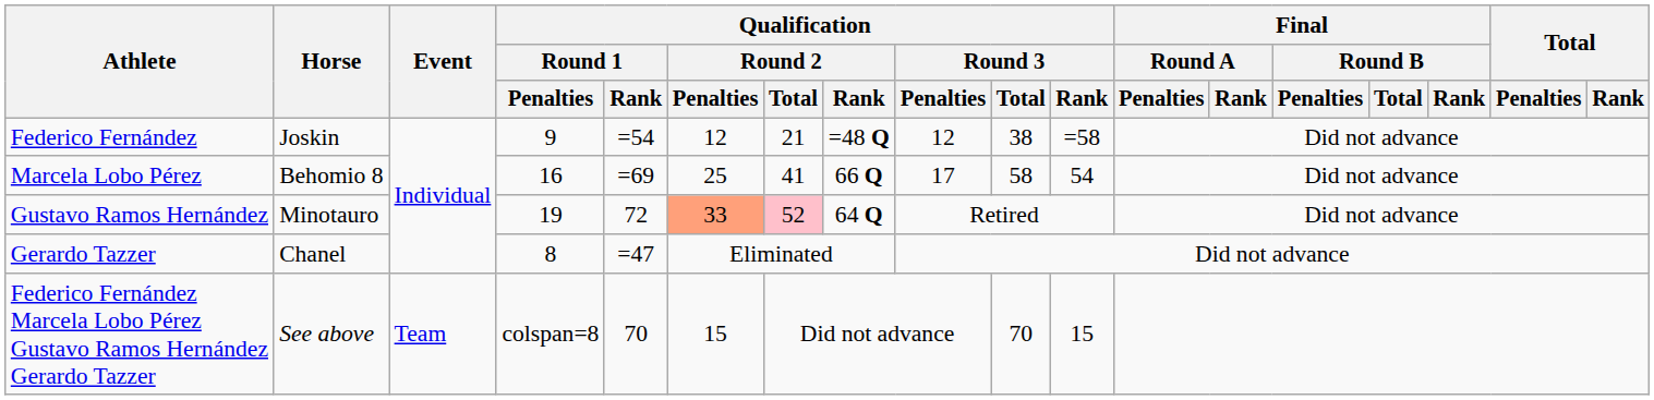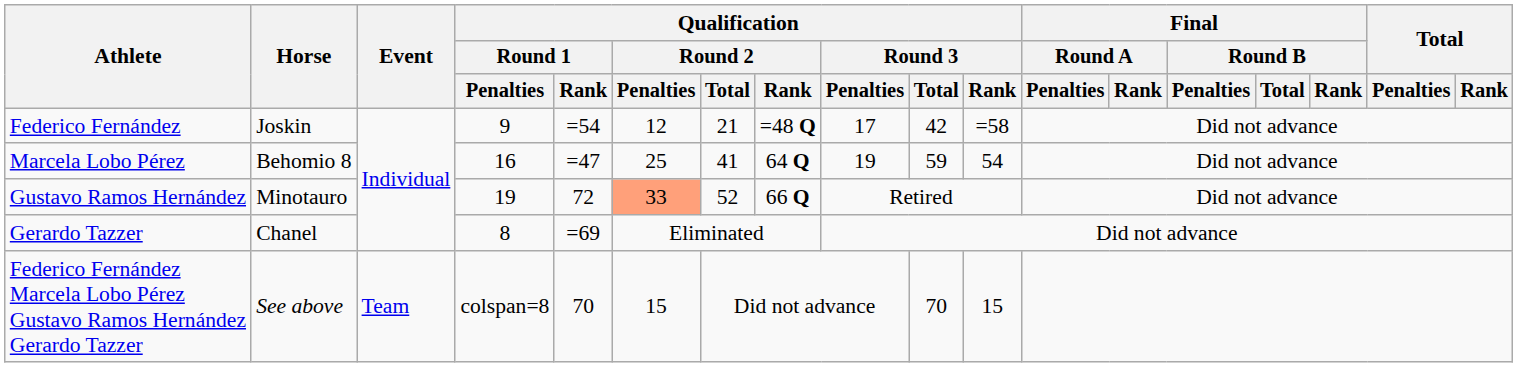 <table class="wikitable" style="font-size:90%">
 <tr>
 <th rowspan="3">Athlete</th>
 <th rowspan="3">Horse</th>
 <th rowspan="3">Event</th>
 <th colspan="8">Qualification</th>
 <th colspan="5">Final</th>
 <th rowspan=2 colspan="2">Total</th>
 </tr>
 <tr style="font-size:95%">
 <th colspan="2">Round 1</th>
 <th colspan="3">Round 2</th>
 <th colspan="3">Round 3</th>
 <th colspan="2">Round A</th>
 <th colspan="3">Round B</th>
 </tr>
 <tr style="font-size:95%">
 <th>Penalties</th>
 <th>Rank</th>
 <th>Penalties</th>
 <th>Total</th>
 <th>Rank</th>
 <th>Penalties</th>
 <th>Total</th>
 <th>Rank</th>
 <th>Penalties</th>
 <th>Rank</th>
 <th>Penalties</th>
 <th>Total</th>
 <th>Rank</th>
 <th>Penalties</th>
 <th>Rank</th>
 </tr>
 <tr align=center>
 <td align=left><a href='#'>Federico Fernández</a></td>
 <td align=left>Joskin</td>
 <td align=left rowspan=4><a href='#'>Individual</a></td>
 <td>9</td>
 <td>=54</td>
 <td>12</td>
 <td>21</td>
 <td>=48 <strong>Q</strong></td>
-<td>12</td>
-<td>38</td>
+<td>17</td>
+<td>42</td>
 <td>=58</td>
 <td colspan=7>Did not advance</td>
 </tr>
 <tr align=center>
 <td align=left><a href='#'>Marcela Lobo Pérez</a></td>
 <td align=left>Behomio 8</td>
 <td>16</td>
-<td>=69</td>
+<td>=47</td>
 <td>25</td>
 <td>41</td>
-<td>66 <strong>Q</strong></td>
-<td>17</td>
-<td>58</td>
+<td>64 <strong>Q</strong></td>
+<td>19</td>
+<td>59</td>
 <td>54</td>
 <td colspan=7>Did not advance</td>
 </tr>
 <tr align=center>
 <td align=left><a href='#'>Gustavo Ramos Hernández</a></td>
 <td align=left>Minotauro</td>
 <td>19</td>
 <td>72</td>
 <td style="background: lightsalmon;">33</td>
-<td style="background: pink;">52</td>
-<td>64 <strong>Q</strong></td>
+<td>52</td>
+<td>66 <strong>Q</strong></td>
 <td colspan=3>Retired</td>
 <td colspan=7>Did not advance</td>
 </tr>
 <tr align=center>
 <td align=left><a href='#'>Gerardo Tazzer</a></td>
 <td align=left>Chanel</td>
 <td>8</td>
-<td>=47</td>
+<td>=69</td>
 <td colspan=3>Eliminated</td>
 <td colspan=10>Did not advance</td>
 </tr>
 <tr align=center>
 <td align=left><a href='#'>Federico Fernández</a><br><a href='#'>Marcela Lobo Pérez</a><br><a href='#'>Gustavo Ramos Hernández</a><br><a href='#'>Gerardo Tazzer</a></td>
 <td align=left><em>See above</em></td>
 <td align=left><a href='#'>Team</a></td>
 <td>colspan=8 </td>
 <td>70</td>
 <td>15</td>
 <td colspan=3>Did not advance</td>
 <td>70</td>
 <td>15</td>
 </tr>
 </table>
